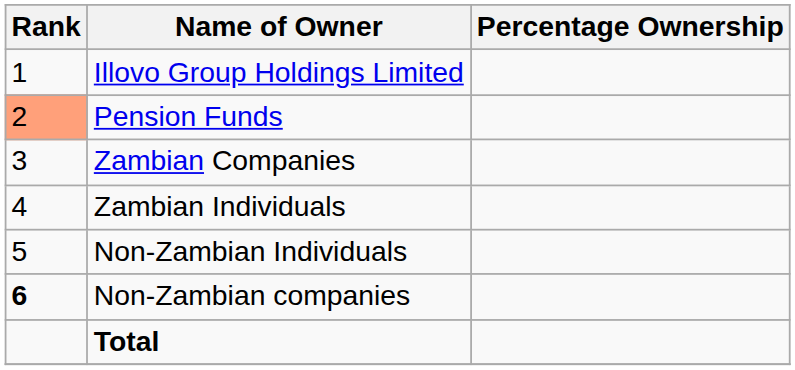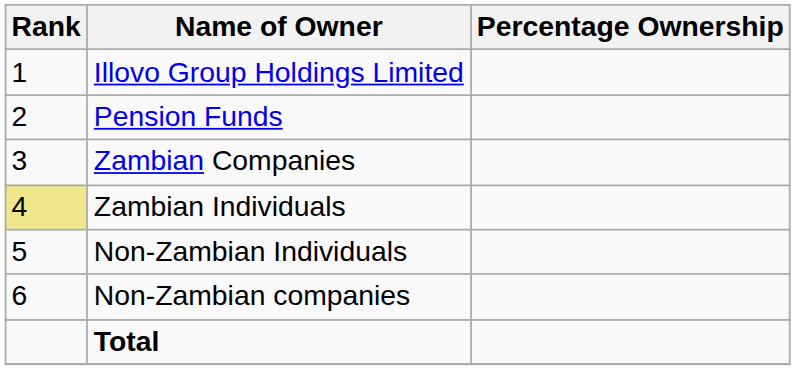 <table class="wikitable sortable" style="margin: 0.5em auto">
 <tr>
 <th>Rank</th>
 <th>Name of Owner</th>
 <th>Percentage Ownership</th>
 </tr>
 <tr>
 <td>1</td>
 <td><a href='#'>Illovo Group Holdings Limited</a></td>
 <td></td>
 </tr>
 <tr>
-<td style="background: lightsalmon;">2</td>
+<td>2</td>
 <td><a href='#'>Pension Funds</a></td>
 <td></td>
 </tr>
 <tr>
 <td>3</td>
 <td><a href='#'>Zambian</a> Companies</td>
 <td></td>
 </tr>
 <tr>
-<td>4</td>
+<td style="background: khaki;">4</td>
 <td>Zambian Individuals</td>
 <td></td>
 </tr>
 <tr>
 <td>5</td>
 <td>Non-Zambian Individuals</td>
 <td></td>
 </tr>
 <tr>
-<td><strong>6</strong></td>
+<td>6</td>
 <td>Non-Zambian companies</td>
 <td></td>
 </tr>
 <tr>
 <td></td>
 <td><strong>Total</strong></td>
 <td></td>
 </tr>
 <tr>
 </tr>
 </table>
